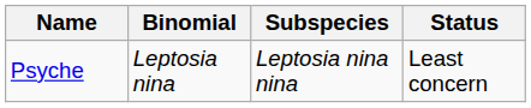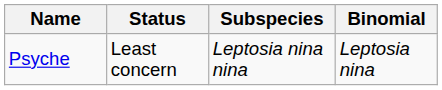 <table width=60% class="wikitable">
 <tr>
 <th width=20%>Name</th>
+<th width=20%>Status</th>
+<th width=20%>Subspecies</th>
 <th width=20%>Binomial</th>
-<th width=20%>Subspecies</th>
-<th width=20%>Status</th>
 </tr>
 <tr>
 <td><a href='#'>Psyche</a><br> </td>
+<td>Least concern</td>
+<td><em>Leptosia nina nina</em></td>
 <td><em>Leptosia nina</em></td>
-<td><em>Leptosia nina nina</em></td>
-<td>Least concern</td>
 </tr>
 </table>
